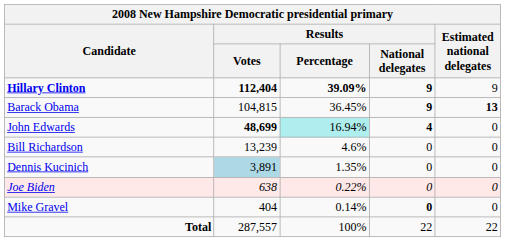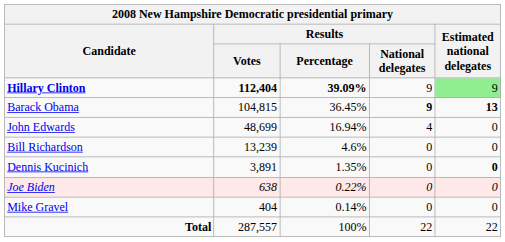 <table class="wikitable" style="font-size: 95%; text-align:right;">
 <tr>
 <th colspan="5">2008 New Hampshire Democratic presidential primary</th>
 </tr>
 <tr>
 <th rowspan="2" style="width: 17em">Candidate</th>
 <th colspan="3">Results</th>
 <th rowspan="2" style="width: 5em">Estimated national delegates</th>
 </tr>
 <tr>
 <th style="width: 5em">Votes</th>
 <th style="width: 7em">Percentage</th>
 <th style="width: 5em">National delegates</th>
 </tr>
 <tr>
 <td style="text-align:left;"><strong><a href='#'>Hillary Clinton</a></strong></td>
 <td><strong>112,404</strong></td>
 <td><strong>39.09%</strong></td>
-<td><strong>9</strong></td>
 <td>9</td>
+<td style="background: lightgreen;">9</td>
 </tr>
 <tr>
 <td style="text-align:left;"><a href='#'>Barack Obama</a></td>
 <td>104,815</td>
 <td>36.45%</td>
 <td><strong>9</strong></td>
 <td><strong>13</strong></td>
 </tr>
 <tr>
 <td style="text-align:left;"><a href='#'>John Edwards</a></td>
-<td><strong>48,699</strong></td>
-<td style="background: paleturquoise;">16.94%</td>
-<td><strong>4</strong></td>
+<td>48,699</td>
+<td>16.94%</td>
+<td>4</td>
 <td>0</td>
 </tr>
 <tr>
 <td style="text-align:left;"><a href='#'>Bill Richardson</a></td>
 <td>13,239</td>
 <td>4.6%</td>
 <td>0</td>
 <td>0</td>
 </tr>
 <tr>
 <td style="text-align:left;"><a href='#'>Dennis Kucinich</a></td>
-<td style="background: lightblue;">3,891</td>
+<td>3,891</td>
 <td>1.35%</td>
 <td>0</td>
-<td>0</td>
+<td><strong>0</strong></td>
 </tr>
 <tr style="background:#ffe8e8;">
 <td style="text-align:left;"><em><a href='#'>Joe Biden</a></em></td>
 <td><em>638</em></td>
 <td><em>0.22%</em></td>
 <td><em>0</em></td>
 <td><em>0</em></td>
 </tr>
 <tr>
 <td style="text-align:left;"><a href='#'>Mike Gravel</a></td>
 <td>404</td>
 <td>0.14%</td>
-<td><strong>0</strong></td>
+<td>0</td>
 <td>0</td>
 </tr>
 <tr>
 <td><strong>Total</strong></td>
 <td>287,557</td>
 <td>100%</td>
 <td>22</td>
 <td>22</td>
 </tr>
 </table>
